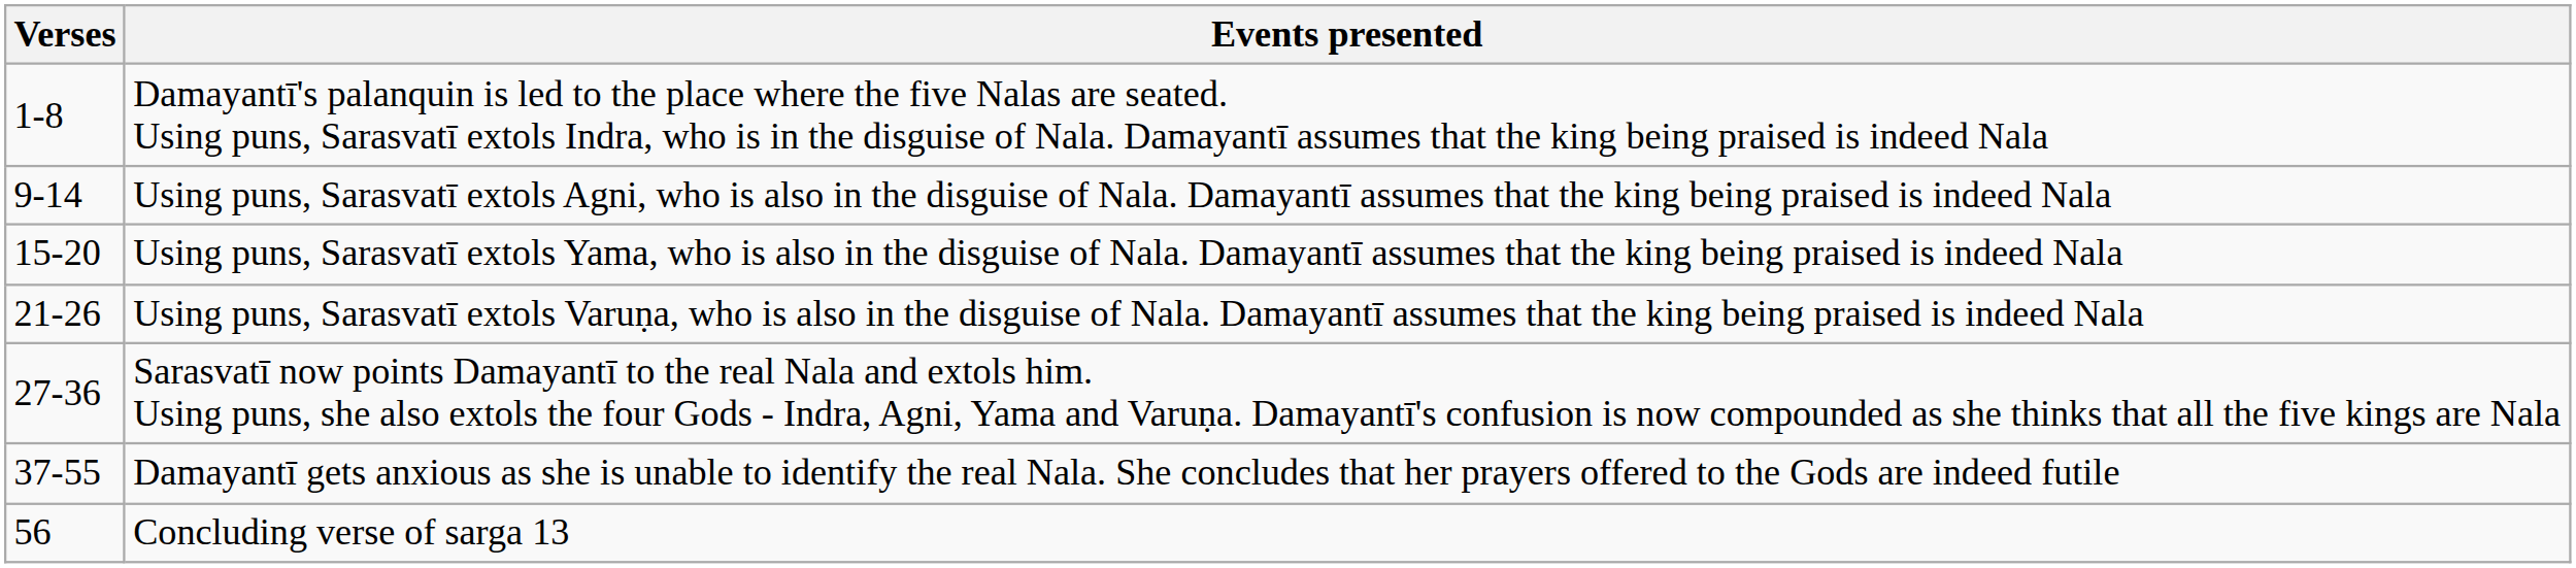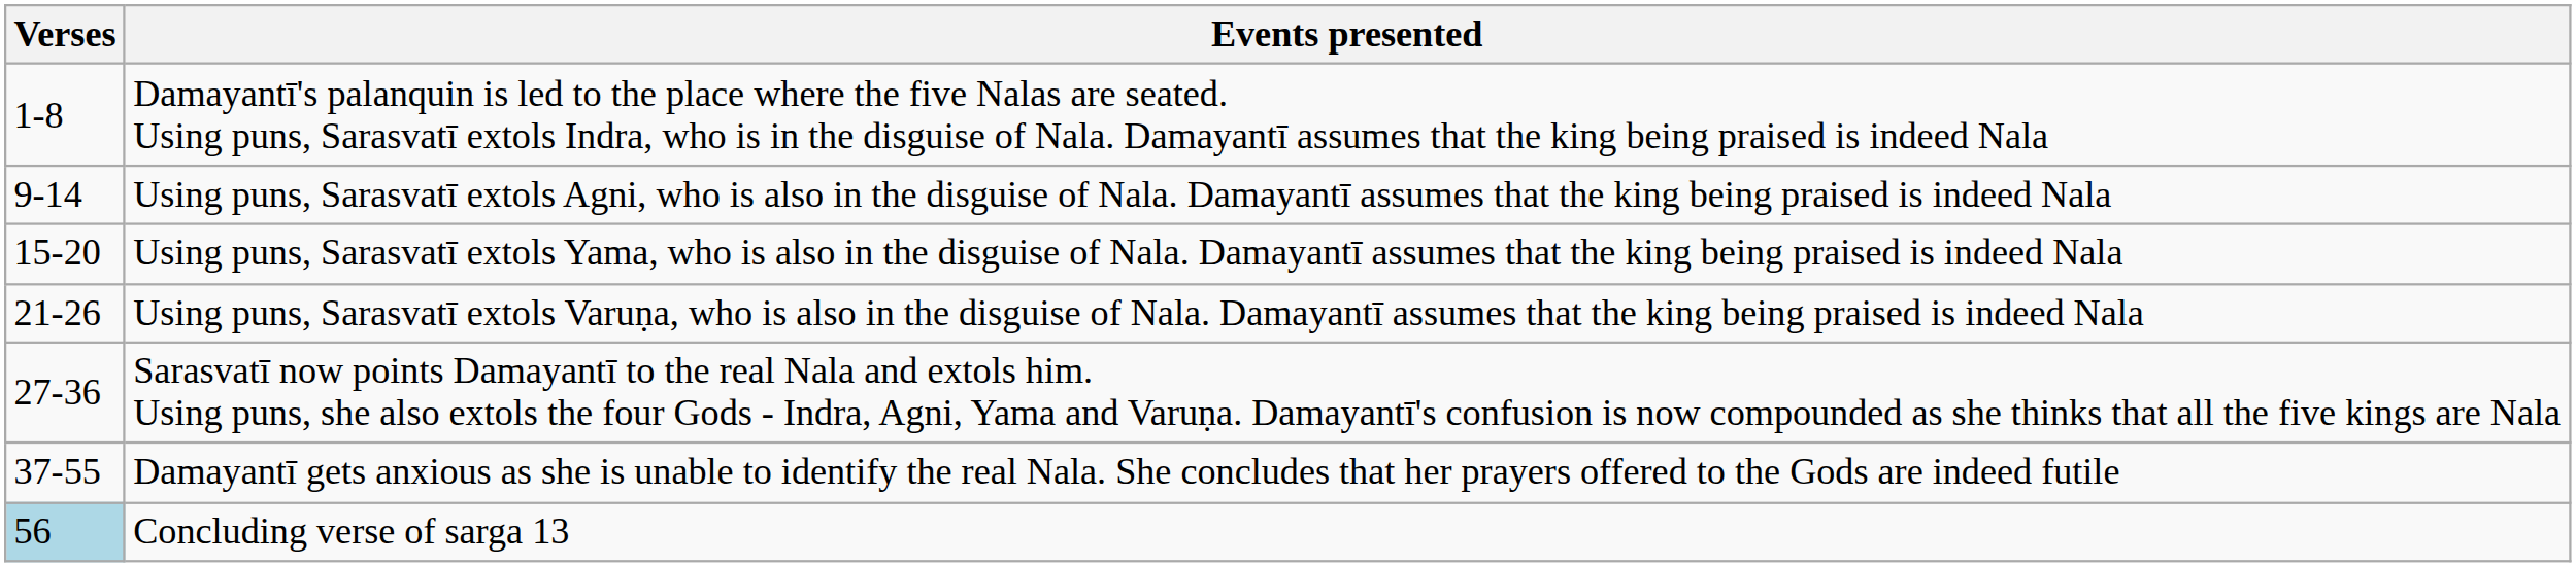 <table class="wikitable">
 <tr>
 <th>Verses</th>
 <th>Events presented</th>
 </tr>
 <tr>
 <td>1-8</td>
 <td>Damayantī's palanquin is led to the place where the five Nalas are seated. <br>Using puns, Sarasvatī extols Indra, who is in the disguise of Nala. Damayantī assumes that the king being praised is indeed Nala</td>
 </tr>
 <tr>
 <td>9-14</td>
 <td>Using puns, Sarasvatī extols Agni, who is also in the disguise of Nala. Damayantī assumes that the king being praised is indeed Nala</td>
 </tr>
 <tr>
 <td>15-20</td>
 <td>Using puns, Sarasvatī extols Yama, who is also in the disguise of Nala. Damayantī assumes that the king being praised is indeed Nala</td>
 </tr>
 <tr>
 <td>21-26</td>
 <td>Using puns, Sarasvatī extols Varuṇa, who is also in the disguise of Nala. Damayantī assumes that the king being praised is indeed Nala</td>
 </tr>
 <tr>
 <td>27-36</td>
 <td>Sarasvatī now points Damayantī to the real Nala and extols him. <br>Using puns, she also extols the four Gods - Indra, Agni, Yama and Varuṇa. Damayantī's confusion is now compounded as she thinks that all the five kings are Nala</td>
 </tr>
 <tr>
 <td>37-55</td>
 <td>Damayantī gets anxious as she is unable to identify the real Nala. She concludes that her prayers offered to the Gods are indeed futile</td>
 </tr>
 <tr>
-<td>56</td>
+<td style="background: lightblue;">56</td>
 <td>Concluding verse of sarga 13</td>
 </tr>
 </table>
